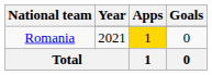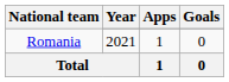 <table class="wikitable" style="text-align:center">
 <tr>
 <th>National team</th>
 <th>Year</th>
 <th>Apps</th>
 <th>Goals</th>
 </tr>
 <tr>
 <td rowspan="2"><a href='#'>Romania</a></td>
 </tr>
 <tr>
 <td>2021</td>
-<td style="background: gold;">1</td>
+<td>1</td>
 <td>0</td>
 </tr>
 <tr>
 <th colspan="2">Total</th>
 <th>1</th>
 <th>0</th>
 </tr>
 </table>
